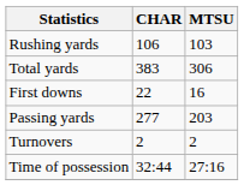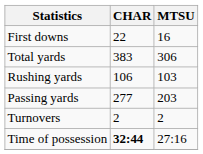 <table class="wikitable" style="float: right;">
 <tr>
 <th>Statistics</th>
 <th>CHAR</th>
 <th>MTSU</th>
 </tr>
 <tr>
-<td>Rushing yards</td>
-<td>106</td>
-<td>103</td>
+<td>First downs</td>
+<td>22</td>
+<td>16</td>
 </tr>
 <tr>
 <td>Total yards</td>
 <td>383</td>
 <td>306</td>
 </tr>
 <tr>
-<td>First downs</td>
-<td>22</td>
-<td>16</td>
+<td>Rushing yards</td>
+<td>106</td>
+<td>103</td>
 </tr>
 <tr>
 <td>Passing yards</td>
 <td>277</td>
 <td>203</td>
 </tr>
 <tr>
 <td>Turnovers</td>
 <td>2</td>
 <td>2</td>
 </tr>
 <tr>
 <td>Time of possession</td>
-<td>32:44</td>
+<td><strong>32:44</strong></td>
 <td>27:16</td>
 </tr>
 <tr>
 </tr>
 </table>
